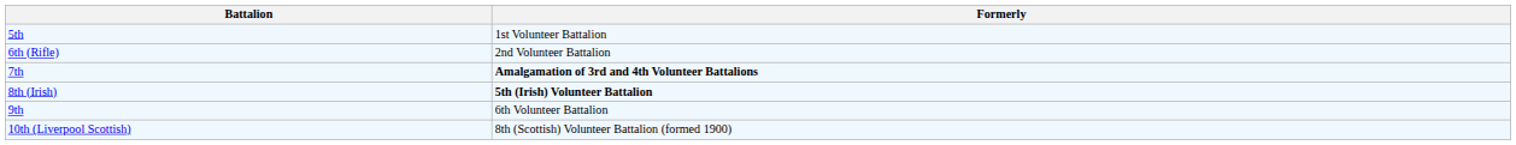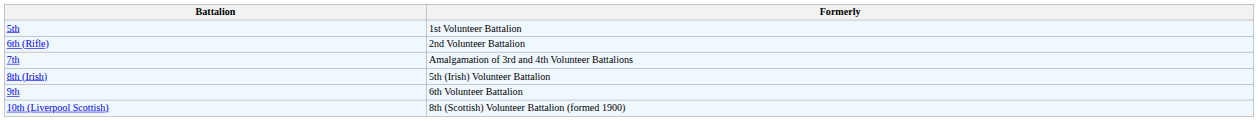 <table class="wikitable" style="width:100%;">
 <tr>
 <th>Battalion</th>
 <th>Formerly</th>
 </tr>
 <tr style="background:#f0f8ff;">
 <td><a href='#'>5th</a></td>
 <td>1st Volunteer Battalion</td>
 </tr>
 <tr style="background:#f0f8ff;">
 <td><a href='#'>6th (Rifle)</a></td>
 <td>2nd Volunteer Battalion</td>
 </tr>
 <tr style="background:#f0f8ff;">
 <td><a href='#'>7th</a></td>
-<td><strong>Amalgamation of 3rd and 4th Volunteer Battalions</strong></td>
+<td>Amalgamation of 3rd and 4th Volunteer Battalions</td>
 </tr>
 <tr style="background:#f0f8ff;">
 <td><a href='#'>8th (Irish)</a></td>
-<td><strong>5th (Irish) Volunteer Battalion</strong></td>
+<td>5th (Irish) Volunteer Battalion</td>
 </tr>
 <tr style="background:#f0f8ff;">
 <td><a href='#'>9th</a></td>
 <td>6th Volunteer Battalion</td>
 </tr>
 <tr style="background:#f0f8ff;">
 <td><a href='#'>10th (Liverpool Scottish)</a></td>
 <td>8th (Scottish) Volunteer Battalion (formed 1900)</td>
 </tr>
 </table>
